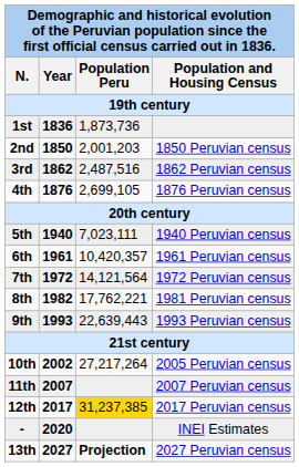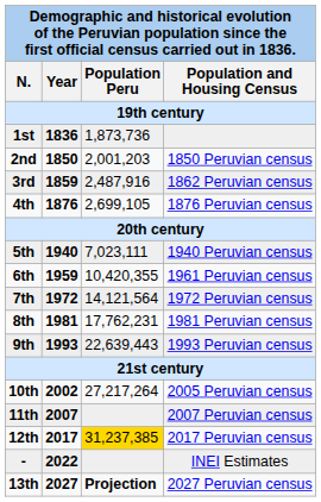 <table class="wikitable">
 <tr>
 <th colspan= "4" style="text-align:center; background:#abcdef;">Demographic and historical evolution <br>of the Peruvian population since the <br> first official census carried out in 1836.</th>
 </tr>
 <tr>
 <th>N.</th>
 <th>Year</th>
 <th>Population<br>Peru</th>
 <th>Population and <br> Housing Census</th>
 </tr>
 <tr align="center">
 <td colspan="4" style="background:#D0E7FF"><strong>19th century</strong></td>
 </tr>
 <tr align="center" style="background:#efefef; color:black">
 <td><strong>1st</strong></td>
 <td><strong>1836</strong></td>
 <td align="left"> 1,873,736</td>
 <td></td>
 </tr>
 <tr align="center">
 <td><strong>2nd</strong></td>
 <td><strong>1850</strong></td>
 <td align="left"> 2,001,203</td>
 <td><a href='#'>1850 Peruvian census</a></td>
 </tr>
 <tr align="center" style="background:#efefef; color:black">
 <td><strong>3rd</strong></td>
-<td><strong>1862</strong></td>
-<td align="left"> 2,487,516</td>
+<td><strong>1859</strong></td>
+<td align="left"> 2,487,916</td>
 <td><a href='#'>1862 Peruvian census</a></td>
 </tr>
 <tr align="center">
 <td><strong>4th</strong></td>
 <td><strong>1876</strong></td>
 <td align="left"> 2,699,105</td>
 <td><a href='#'>1876 Peruvian census</a></td>
 </tr>
 <tr align="center">
 <td colspan="4" style="background:#D0E7FF"><strong>20th century</strong></td>
 </tr>
 <tr align="center" style="background:#efefef; color:black">
 <td><strong>5th</strong></td>
 <td><strong>1940</strong></td>
 <td align="left"> 7,023,111</td>
 <td><a href='#'>1940 Peruvian census</a></td>
 </tr>
 <tr align="center">
 <td><strong>6th</strong></td>
-<td><strong>1961</strong></td>
-<td align="left"> 10,420,357</td>
+<td><strong>1959</strong></td>
+<td align="left"> 10,420,355</td>
 <td><a href='#'>1961 Peruvian census</a></td>
 </tr>
 <tr align="center" style="background:#efefef; color:black">
 <td><strong>7th</strong></td>
 <td><strong>1972</strong></td>
 <td align="left"> 14,121,564</td>
 <td><a href='#'>1972 Peruvian census</a></td>
 </tr>
 <tr align="center">
 <td><strong>8th</strong></td>
-<td><strong>1982</strong></td>
-<td align="left"> 17,762,221</td>
+<td><strong>1981</strong></td>
+<td align="left"> 17,762,231</td>
 <td><a href='#'>1981 Peruvian census</a></td>
 </tr>
 <tr align="center" style="background:#efefef; color:black">
 <td><strong>9th</strong></td>
 <td><strong>1993</strong></td>
 <td align="left"> 22,639,443</td>
 <td><a href='#'>1993 Peruvian census</a></td>
 </tr>
 <tr align="center">
 <td colspan="4" style="background:#D0E7FF"><strong>21st century</strong></td>
 </tr>
 <tr align="center">
 <td><strong>10th</strong></td>
 <td><strong>2002</strong></td>
 <td align="left"> 27,217,264</td>
 <td><a href='#'>2005 Peruvian census</a></td>
 </tr>
 <tr align="center" style="background:#efefef; color:black">
 <td><strong>11th</strong></td>
 <td><strong>2007</strong></td>
 <td align="left"></td>
 <td><a href='#'>2007 Peruvian census</a></td>
 </tr>
 <tr align="center">
 <td><strong>12th</strong></td>
 <td><strong>2017</strong></td>
 <td align="left" style="background: gold;"> 31,237,385</td>
 <td><a href='#'>2017 Peruvian census</a></td>
 </tr>
 <tr align="center" style="background:#efefef; color:black">
 <td><strong>-</strong></td>
-<td><strong>2020</strong></td>
+<td><strong>2022</strong></td>
 <td align="left"></td>
 <td><a href='#'>INEI</a> Estimates</td>
 </tr>
 <tr align="center">
 <td><strong>13th</strong></td>
 <td><strong>2027</strong></td>
 <td align="left"><strong>Projection</strong></td>
 <td><a href='#'>2027 Peruvian census</a></td>
 </tr>
 </table>
